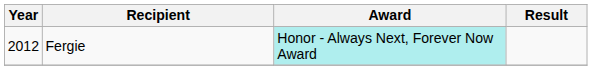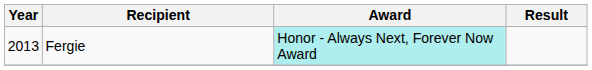 <table style="width: 75%;" class="wikitable">
 <tr>
 <th style="width:6%;"><strong>Year</strong></th>
 <th style="width:40%;"><strong>Recipient</strong></th>
 <th style="width:40%;"><strong>Award</strong></th>
 <th style="width:14%;"><strong>Result</strong></th>
 </tr>
 <tr>
-<td rowspan="1" style="text-align:center;">2012</td>
+<td rowspan="1" style="text-align:center;">2013</td>
 <td rowspan="1" style="text-align:left;">Fergie</td>
 <td style="background: paleturquoise;">Honor - Always Next, Forever Now Award</td>
 <td></td>
 </tr>
 <tr>
 </tr>
 </table>
